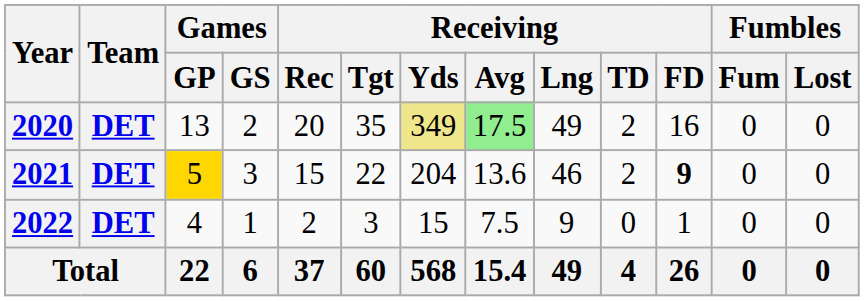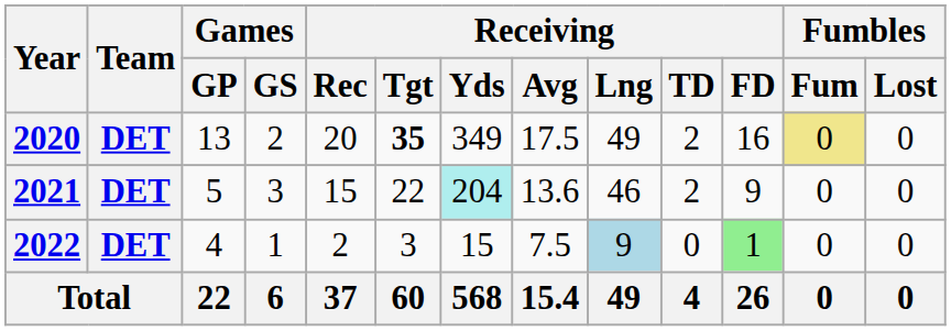 <table class="wikitable" style="text-align:center;">
 <tr>
 <th rowspan="2">Year</th>
 <th rowspan="2">Team</th>
 <th colspan="2">Games</th>
 <th colspan="7">Receiving</th>
 <th colspan="2">Fumbles</th>
 </tr>
 <tr>
 <th>GP</th>
 <th>GS</th>
 <th>Rec</th>
 <th>Tgt</th>
 <th>Yds</th>
 <th>Avg</th>
 <th>Lng</th>
 <th>TD</th>
 <th>FD</th>
 <th>Fum</th>
 <th>Lost</th>
 </tr>
 <tr>
 <th><a href='#'>2020</a></th>
 <th><a href='#'>DET</a></th>
 <td>13</td>
 <td>2</td>
 <td>20</td>
-<td>35</td>
-<td style="background: khaki;">349</td>
-<td style="background: lightgreen;">17.5</td>
+<td><strong>35</strong></td>
+<td>349</td>
+<td>17.5</td>
 <td>49</td>
 <td>2</td>
 <td>16</td>
-<td>0</td>
+<td style="background: khaki;">0</td>
 <td>0</td>
 </tr>
 <tr>
 <th><a href='#'>2021</a></th>
 <th><a href='#'>DET</a></th>
-<td style="background: gold;">5</td>
+<td>5</td>
 <td>3</td>
 <td>15</td>
 <td>22</td>
-<td>204</td>
+<td style="background: paleturquoise;">204</td>
 <td>13.6</td>
 <td>46</td>
 <td>2</td>
-<td><strong>9</strong></td>
+<td>9</td>
 <td>0</td>
 <td>0</td>
 </tr>
 <tr>
 <th><a href='#'>2022</a></th>
 <th><a href='#'>DET</a></th>
 <td>4</td>
 <td>1</td>
 <td>2</td>
 <td>3</td>
 <td>15</td>
 <td>7.5</td>
-<td>9</td>
+<td style="background: lightblue;">9</td>
 <td>0</td>
-<td>1</td>
+<td style="background: lightgreen;">1</td>
 <td>0</td>
 <td>0</td>
 </tr>
 <tr>
 <th colspan="2">Total</th>
 <th>22</th>
 <th>6</th>
 <th>37</th>
 <th>60</th>
 <th>568</th>
 <th>15.4</th>
 <th>49</th>
 <th>4</th>
 <th>26</th>
 <th>0</th>
 <th>0</th>
 </tr>
 </table>
